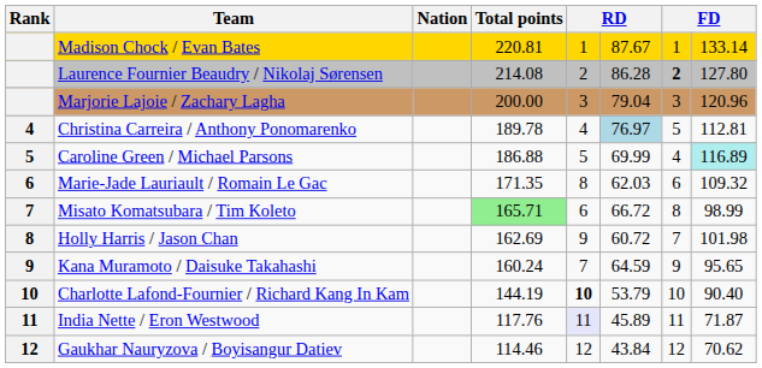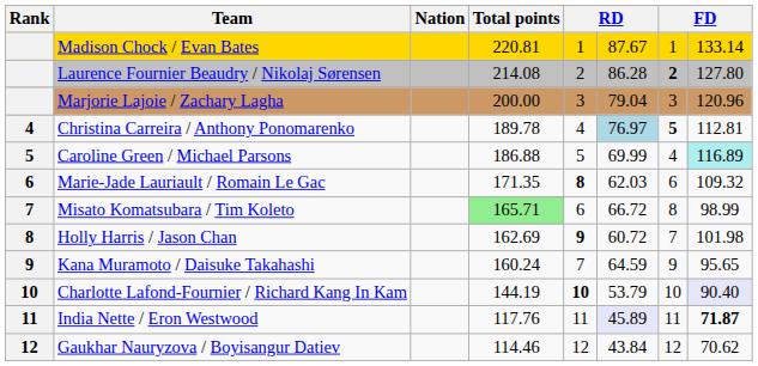 <table class="wikitable sortable" style="text-align:left">
 <tr>
 <th scope="col">Rank</th>
 <th scope="col">Team</th>
 <th scope="col">Nation</th>
 <th scope="col">Total points</th>
 <th scope="col" colspan="2" width="80px"><a href='#'>RD</a></th>
 <th scope="col" colspan="2" width="80px"><a href='#'>FD</a></th>
 </tr>
 <tr bgcolor="gold">
 <th scope="row"></th>
 <td><a href='#'>Madison Chock</a> / <a href='#'>Evan Bates</a></td>
 <td></td>
 <td align="center">220.81</td>
 <td align="center">1</td>
 <td align="center">87.67</td>
 <td align="center">1</td>
 <td align="center">133.14</td>
 </tr>
 <tr bgcolor="silver">
 <th scope="row"></th>
 <td><a href='#'>Laurence Fournier Beaudry</a> / <a href='#'>Nikolaj Sørensen</a></td>
 <td></td>
 <td align="center">214.08</td>
 <td align="center">2</td>
 <td align="center">86.28</td>
 <td align="center"><strong>2</strong></td>
 <td align="center">127.80</td>
 </tr>
 <tr bgcolor="cc9966">
 <th scope="row"></th>
 <td><a href='#'>Marjorie Lajoie</a> / <a href='#'>Zachary Lagha</a></td>
 <td></td>
 <td align="center">200.00</td>
 <td align="center">3</td>
 <td align="center">79.04</td>
 <td align="center">3</td>
 <td align="center">120.96</td>
 </tr>
 <tr>
 <th scope="row">4</th>
 <td><a href='#'>Christina Carreira</a> / <a href='#'>Anthony Ponomarenko</a></td>
 <td></td>
 <td align="center">189.78</td>
 <td align="center">4</td>
 <td align="center" style="background: lightblue;">76.97</td>
-<td align="center">5</td>
+<td align="center"><strong>5</strong></td>
 <td align="center">112.81</td>
 </tr>
 <tr>
 <th scope="row">5</th>
 <td><a href='#'>Caroline Green</a> / <a href='#'>Michael Parsons</a></td>
 <td></td>
 <td align="center">186.88</td>
 <td align="center">5</td>
 <td align="center">69.99</td>
 <td align="center">4</td>
 <td align="center" style="background: paleturquoise;">116.89</td>
 </tr>
 <tr>
 <th scope="row">6</th>
 <td><a href='#'>Marie-Jade Lauriault</a> / <a href='#'>Romain Le Gac</a></td>
 <td></td>
 <td align="center">171.35</td>
-<td align="center">8</td>
+<td align="center"><strong>8</strong></td>
 <td align="center">62.03</td>
 <td align="center">6</td>
 <td align="center">109.32</td>
 </tr>
 <tr>
 <th scope="row">7</th>
 <td><a href='#'>Misato Komatsubara</a> / <a href='#'>Tim Koleto</a></td>
 <td></td>
 <td align="center" style="background: lightgreen;">165.71</td>
 <td align="center">6</td>
 <td align="center">66.72</td>
 <td align="center">8</td>
 <td align="center">98.99</td>
 </tr>
 <tr>
 <th scope="row">8</th>
 <td><a href='#'>Holly Harris</a> / <a href='#'>Jason Chan</a></td>
 <td></td>
 <td align="center">162.69</td>
-<td align="center">9</td>
+<td align="center"><strong>9</strong></td>
 <td align="center">60.72</td>
 <td align="center">7</td>
 <td align="center">101.98</td>
 </tr>
 <tr>
 <th scope="row">9</th>
 <td><a href='#'>Kana Muramoto</a> / <a href='#'>Daisuke Takahashi</a></td>
 <td></td>
 <td align="center">160.24</td>
 <td align="center">7</td>
 <td align="center">64.59</td>
 <td align="center">9</td>
 <td align="center">95.65</td>
 </tr>
 <tr>
 <th scope="row">10</th>
 <td><a href='#'>Charlotte Lafond-Fournier</a> / <a href='#'>Richard Kang In Kam</a></td>
 <td></td>
 <td align="center">144.19</td>
 <td align="center"><strong>10</strong></td>
 <td align="center">53.79</td>
 <td align="center">10</td>
-<td align="center">90.40</td>
+<td align="center" style="background: lavender;">90.40</td>
 </tr>
 <tr>
 <th scope="row">11</th>
 <td><a href='#'>India Nette</a> / <a href='#'>Eron Westwood</a></td>
 <td></td>
 <td align="center">117.76</td>
-<td align="center" style="background: lavender;">11</td>
-<td align="center">45.89</td>
 <td align="center">11</td>
-<td align="center">71.87</td>
+<td align="center" style="background: lavender;">45.89</td>
+<td align="center">11</td>
+<td align="center"><strong>71.87</strong></td>
 </tr>
 <tr>
 <th scope="row">12</th>
 <td><a href='#'>Gaukhar Nauryzova</a> / <a href='#'>Boyisangur Datiev</a></td>
 <td></td>
 <td align="center">114.46</td>
 <td align="center">12</td>
 <td align="center">43.84</td>
 <td align="center">12</td>
 <td align="center">70.62</td>
 </tr>
 </table>
